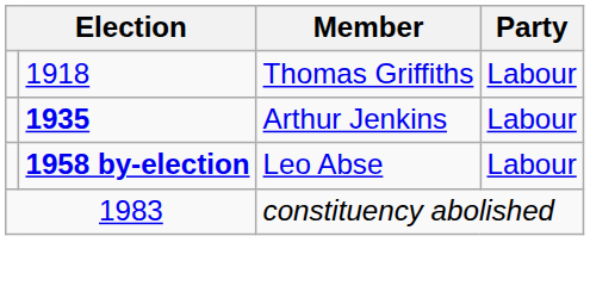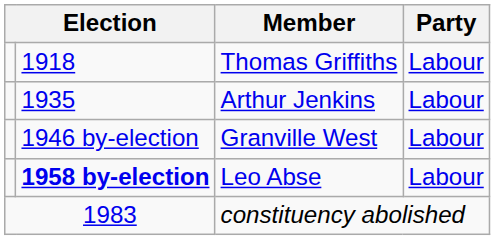 <table class="wikitable">
 <tr>
 <th colspan="2">Election</th>
 <th>Member</th>
 <th>Party</th>
 </tr>
 <tr>
 <td style="color:inherit;background-color: "></td>
 <td><a href='#'>1918</a></td>
 <td><a href='#'>Thomas Griffiths</a></td>
 <td><a href='#'>Labour</a></td>
 </tr>
 <tr>
 <td style="color:inherit;background-color: "></td>
-<td><strong><a href='#'>1935</a></strong></td>
+<td><a href='#'>1935</a></td>
 <td><a href='#'>Arthur Jenkins</a></td>
+<td><a href='#'>Labour</a></td>
+</tr>
+<tr>
+<td style="color:inherit;background-color: "></td>
+<td><a href='#'>1946 by-election</a></td>
+<td><a href='#'>Granville West</a></td>
 <td><a href='#'>Labour</a></td>
 </tr>
 <tr>
 <td style="color:inherit;background-color: "></td>
 <td><strong><a href='#'>1958 by-election</a></strong></td>
 <td><a href='#'>Leo Abse</a></td>
 <td><a href='#'>Labour</a></td>
 </tr>
 <tr>
 <td colspan=2 align="center"><a href='#'>1983</a></td>
 <td colspan="2"><em>constituency abolished</em></td>
 </tr>
 </table>
